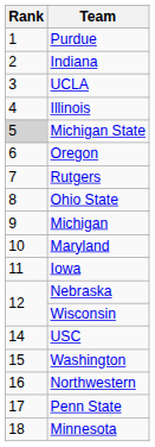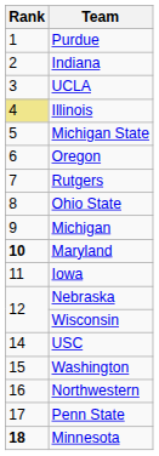 <table class="wikitable">
 <tr>
 <th>Rank</th>
 <th>Team</th>
 </tr>
 <tr>
 <td>1</td>
 <td><a href='#'>Purdue</a></td>
 </tr>
 <tr>
 <td>2</td>
 <td><a href='#'>Indiana</a></td>
 </tr>
 <tr>
 <td>3</td>
 <td><a href='#'>UCLA</a></td>
 </tr>
 <tr>
-<td>4</td>
+<td style="background: khaki;">4</td>
 <td><a href='#'>Illinois</a></td>
 </tr>
 <tr>
-<td style="background: lightgrey;">5</td>
+<td>5</td>
 <td><a href='#'>Michigan State</a></td>
 </tr>
 <tr>
 <td>6</td>
 <td><a href='#'>Oregon</a></td>
 </tr>
 <tr>
 <td>7</td>
 <td><a href='#'>Rutgers</a></td>
 </tr>
 <tr>
 <td>8</td>
 <td><a href='#'>Ohio State</a></td>
 </tr>
 <tr>
 <td>9</td>
 <td><a href='#'>Michigan</a></td>
 </tr>
 <tr>
-<td>10</td>
+<td><strong>10</strong></td>
 <td><a href='#'>Maryland</a></td>
 </tr>
 <tr>
 <td>11</td>
 <td><a href='#'>Iowa</a></td>
 </tr>
 <tr>
 <td rowspan="2">12</td>
 <td><a href='#'>Nebraska</a></td>
 </tr>
 <tr>
 <td><a href='#'>Wisconsin</a></td>
 </tr>
 <tr>
 <td>14</td>
 <td><a href='#'>USC</a></td>
 </tr>
 <tr>
 <td>15</td>
 <td><a href='#'>Washington</a></td>
 </tr>
 <tr>
 <td>16</td>
 <td><a href='#'>Northwestern</a></td>
 </tr>
 <tr>
 <td>17</td>
 <td><a href='#'>Penn State</a></td>
 </tr>
 <tr>
-<td>18</td>
+<td><strong>18</strong></td>
 <td><a href='#'>Minnesota</a></td>
 </tr>
 </table>
